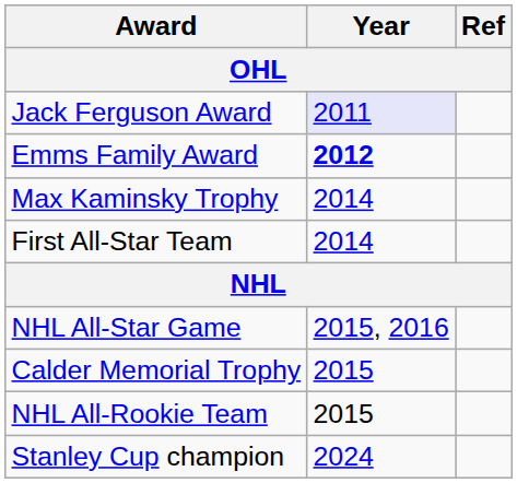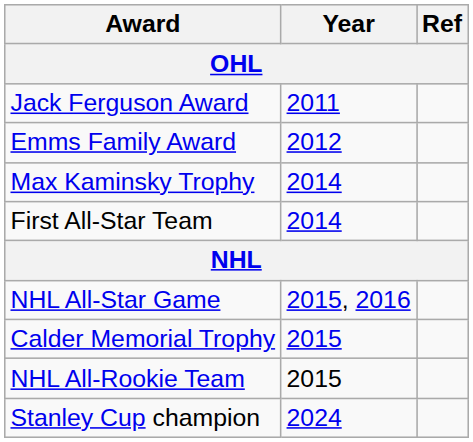 <table class="wikitable">
 <tr>
 <th>Award</th>
 <th>Year</th>
 <th>Ref</th>
 </tr>
 <tr>
 <th colspan="3"><a href='#'>OHL</a></th>
 </tr>
 <tr>
 <td><a href='#'>Jack Ferguson Award</a></td>
-<td style="background: lavender;"><a href='#'>2011</a></td>
+<td><a href='#'>2011</a></td>
 <td></td>
 </tr>
 <tr>
 <td><a href='#'>Emms Family Award</a></td>
-<td><strong><a href='#'>2012</a></strong></td>
+<td><a href='#'>2012</a></td>
 <td></td>
 </tr>
 <tr>
 <td><a href='#'>Max Kaminsky Trophy</a></td>
 <td><a href='#'>2014</a></td>
 <td></td>
 </tr>
 <tr>
 <td>First All-Star Team</td>
 <td><a href='#'>2014</a></td>
 <td></td>
 </tr>
 <tr>
 <th colspan="3"><a href='#'>NHL</a></th>
 </tr>
 <tr>
 <td><a href='#'>NHL All-Star Game</a></td>
 <td><a href='#'>2015</a>, <a href='#'>2016</a></td>
 <td></td>
 </tr>
 <tr>
 <td><a href='#'>Calder Memorial Trophy</a></td>
 <td><a href='#'>2015</a></td>
 <td></td>
 </tr>
 <tr>
 <td><a href='#'>NHL All-Rookie Team</a></td>
 <td>2015</td>
 <td></td>
 </tr>
 <tr>
 <td><a href='#'>Stanley Cup</a> champion</td>
 <td><a href='#'>2024</a></td>
 <td></td>
 </tr>
 </table>
